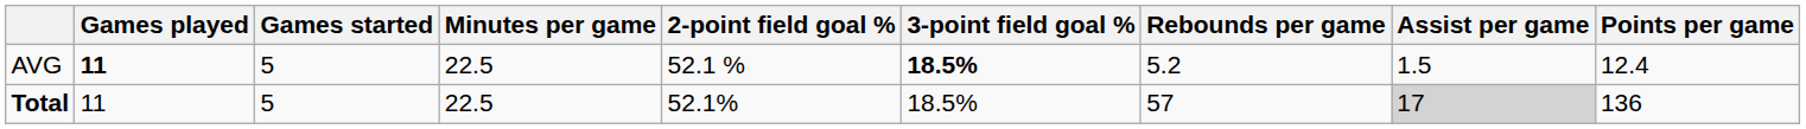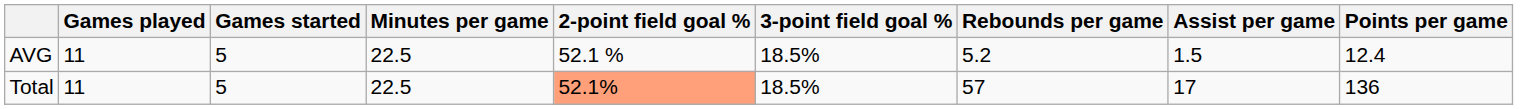 <table class="wikitable">
 <tr>
 <th></th>
 <th>Games played</th>
 <th>Games started</th>
 <th>Minutes per game</th>
 <th>2-point field goal %</th>
 <th>3-point field goal %</th>
 <th>Rebounds per game</th>
 <th>Assist per game</th>
 <th>Points per game</th>
 </tr>
 <tr>
 <td>AVG</td>
-<td><strong>11</strong></td>
+<td>11</td>
 <td>5</td>
 <td>22.5</td>
 <td>52.1 %</td>
-<td><strong>18.5%</strong></td>
+<td>18.5%</td>
 <td>5.2</td>
 <td>1.5</td>
 <td>12.4</td>
 </tr>
 <tr>
-<td><strong>Total</strong></td>
+<td>Total</td>
 <td>11</td>
 <td>5</td>
 <td>22.5</td>
-<td>52.1%</td>
+<td style="background: lightsalmon;">52.1%</td>
 <td>18.5%</td>
 <td>57</td>
-<td style="background: lightgrey;">17</td>
+<td>17</td>
 <td>136</td>
 </tr>
 </table>
